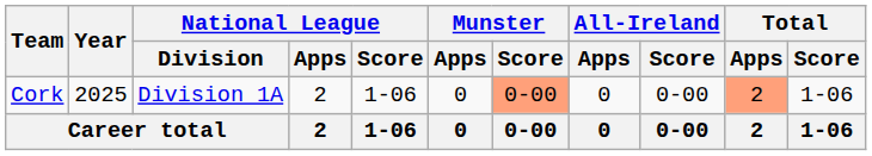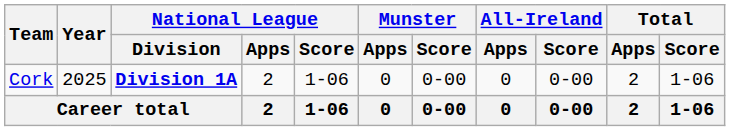 <table class="wikitable" style="text-align:center">
 <tr>
 <th rowspan="2">Team</th>
 <th rowspan="2">Year</th>
 <th colspan="3"><a href='#'>National League</a></th>
 <th colspan="2"><a href='#'>Munster</a></th>
 <th colspan="2"><a href='#'>All-Ireland</a></th>
 <th colspan="2">Total</th>
 </tr>
 <tr>
 <th>Division</th>
 <th>Apps</th>
 <th>Score</th>
 <th>Apps</th>
 <th>Score</th>
 <th>Apps</th>
 <th>Score</th>
 <th>Apps</th>
 <th>Score</th>
 </tr>
 <tr>
 <td rowspan="1"><a href='#'>Cork</a></td>
 <td>2025</td>
-<td rowspan="1"><a href='#'>Division 1A</a></td>
+<td rowspan="1"><strong><a href='#'>Division 1A</a></strong></td>
 <td>2</td>
 <td>1-06</td>
 <td>0</td>
-<td style="background: lightsalmon;">0-00</td>
+<td>0-00</td>
 <td>0</td>
 <td>0-00</td>
-<td style="background: lightsalmon;">2</td>
+<td>2</td>
 <td>1-06</td>
 </tr>
 <tr>
 <th colspan="3">Career total</th>
 <th>2</th>
 <th>1-06</th>
 <th>0</th>
 <th>0-00</th>
 <th>0</th>
 <th>0-00</th>
 <th>2</th>
 <th>1-06</th>
 </tr>
 </table>
